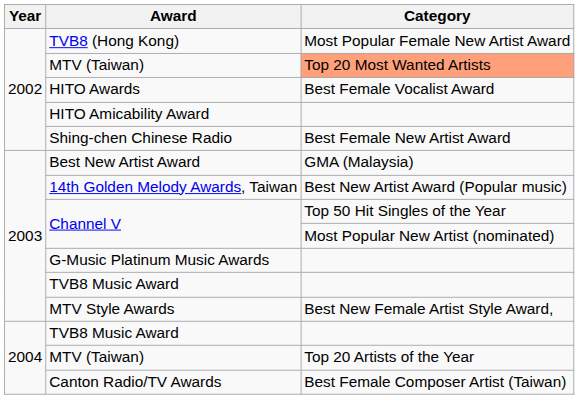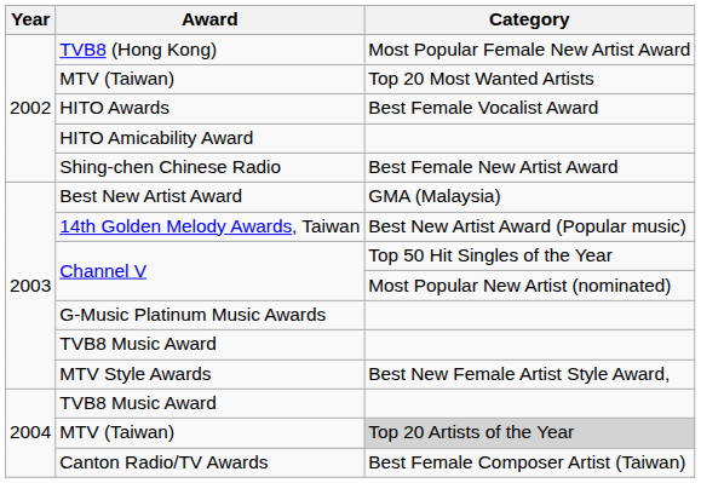 <table class="wikitable">
 <tr>
 <th>Year</th>
 <th>Award</th>
 <th>Category</th>
 </tr>
 <tr>
 <td rowspan="5">2002</td>
 <td><a href='#'>TVB8</a> (Hong Kong)</td>
 <td>Most Popular Female New Artist Award</td>
 </tr>
 <tr>
 <td>MTV (Taiwan)</td>
-<td style="background: lightsalmon;">Top 20 Most Wanted Artists</td>
+<td>Top 20 Most Wanted Artists</td>
 </tr>
 <tr>
 <td>HITO Awards</td>
 <td>Best Female Vocalist Award</td>
 </tr>
 <tr>
 <td>HITO Amicability Award</td>
 <td></td>
 </tr>
 <tr>
 <td>Shing-chen Chinese Radio</td>
 <td>Best Female New Artist Award</td>
 </tr>
 <tr>
 <td rowspan="7">2003</td>
 <td>Best New Artist Award</td>
 <td>GMA (Malaysia)</td>
 </tr>
 <tr>
 <td><a href='#'>14th Golden Melody Awards</a>, Taiwan</td>
 <td>Best New Artist Award (Popular music)</td>
 </tr>
 <tr>
 <td rowspan="2"><a href='#'>Channel V</a></td>
 <td>Top 50 Hit Singles of the Year</td>
 </tr>
 <tr>
 <td>Most Popular New Artist (nominated)</td>
 </tr>
 <tr>
 <td>G-Music Platinum Music Awards</td>
 <td></td>
 </tr>
 <tr>
 <td>TVB8 Music Award</td>
 <td></td>
 </tr>
 <tr>
 <td>MTV Style Awards</td>
 <td>Best New Female Artist Style Award,</td>
 </tr>
 <tr>
 <td rowspan="3">2004</td>
 <td>TVB8 Music Award</td>
 <td></td>
 </tr>
 <tr>
 <td>MTV (Taiwan)</td>
-<td>Top 20 Artists of the Year</td>
+<td style="background: lightgrey;">Top 20 Artists of the Year</td>
 </tr>
 <tr>
 <td>Canton Radio/TV Awards</td>
 <td>Best Female Composer Artist (Taiwan)</td>
 </tr>
 </table>
